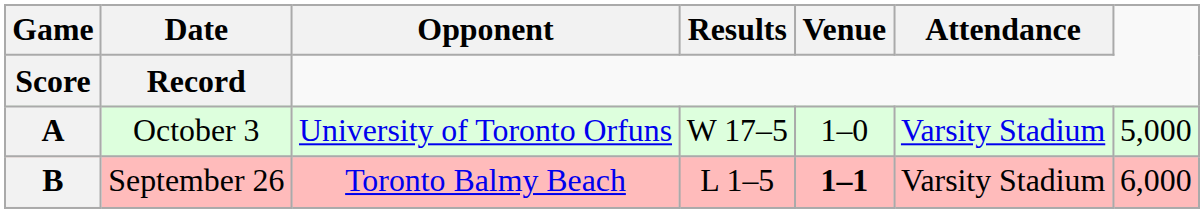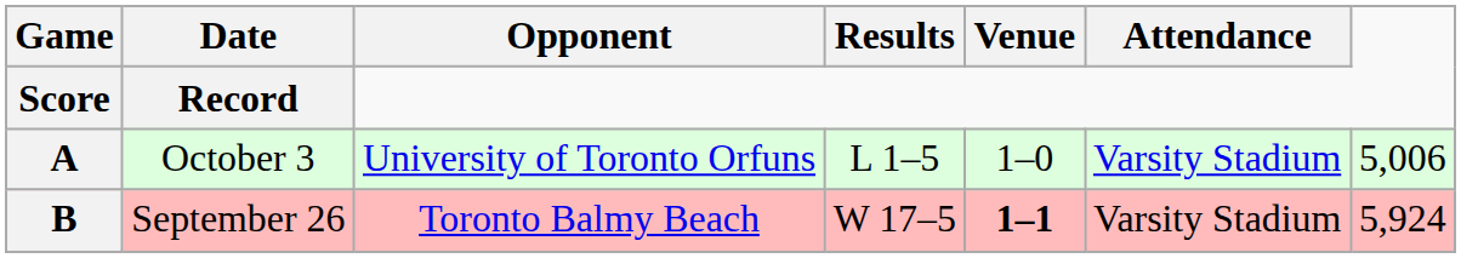 <table class="wikitable" style="text-align:center">
 <tr>
 <th>Game</th>
 <th>Date</th>
 <th>Opponent</th>
 <th>Results</th>
 <th>Venue</th>
 <th>Attendance</th>
 </tr>
 <tr>
 <th>Score</th>
 <th>Record</th>
 </tr>
 <tr style="background:#ddffdd">
 <th>A</th>
 <td>October 3</td>
 <td><a href='#'>University of Toronto Orfuns</a></td>
-<td>W 17–5</td>
+<td>L 1–5</td>
 <td>1–0</td>
 <td><a href='#'>Varsity Stadium</a></td>
-<td>5,000</td>
+<td>5,006</td>
 </tr>
 <tr style="background:#ffbbbb">
 <th>B</th>
 <td>September 26</td>
 <td><a href='#'>Toronto Balmy Beach</a></td>
-<td>L 1–5</td>
+<td>W 17–5</td>
 <td><strong>1–1</strong></td>
 <td>Varsity Stadium</td>
-<td>6,000</td>
+<td>5,924</td>
 </tr>
 </table>
